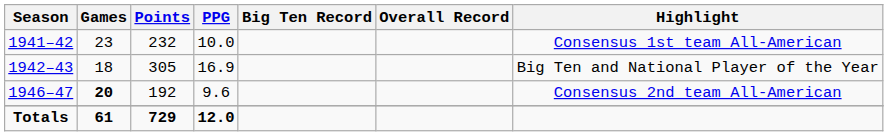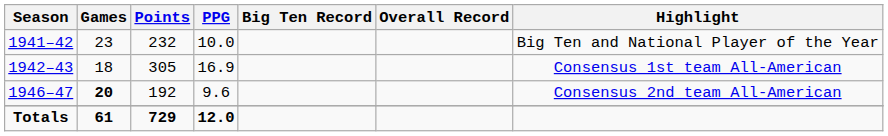 <table class="wikitable sortable" style="text-align:center">
 <tr>
 <th>Season</th>
 <th>Games</th>
 <th><a href='#'><span>Points</span></a></th>
 <th><a href='#'><span>PPG</span></a></th>
 <th>Big Ten Record</th>
 <th>Overall Record</th>
 <th>Highlight</th>
 </tr>
 <tr>
 <td><a href='#'>1941–42</a></td>
 <td>23</td>
 <td>232</td>
 <td>10.0</td>
 <td></td>
 <td></td>
-<td><a href='#'>Consensus 1st team All-American</a></td>
+<td>Big Ten and National Player of the Year</td>
 </tr>
 <tr>
 <td><a href='#'>1942–43</a></td>
 <td>18</td>
 <td>305</td>
 <td>16.9</td>
 <td></td>
 <td></td>
-<td>Big Ten and National Player of the Year</td>
+<td><a href='#'>Consensus 1st team All-American</a></td>
 </tr>
 <tr>
 <td><a href='#'>1946–47</a></td>
 <td><strong>20</strong></td>
 <td>192</td>
 <td>9.6</td>
 <td></td>
 <td></td>
 <td><a href='#'>Consensus 2nd team All-American</a></td>
 </tr>
 <tr>
 </tr>
 <tr class="sortbottom">
 <td><strong>Totals</strong></td>
 <td><strong>61</strong></td>
 <td><strong>729</strong></td>
 <td><strong>12.0</strong></td>
 <td><strong></strong></td>
 <td><strong></strong></td>
 <td></td>
 </tr>
 </table>
